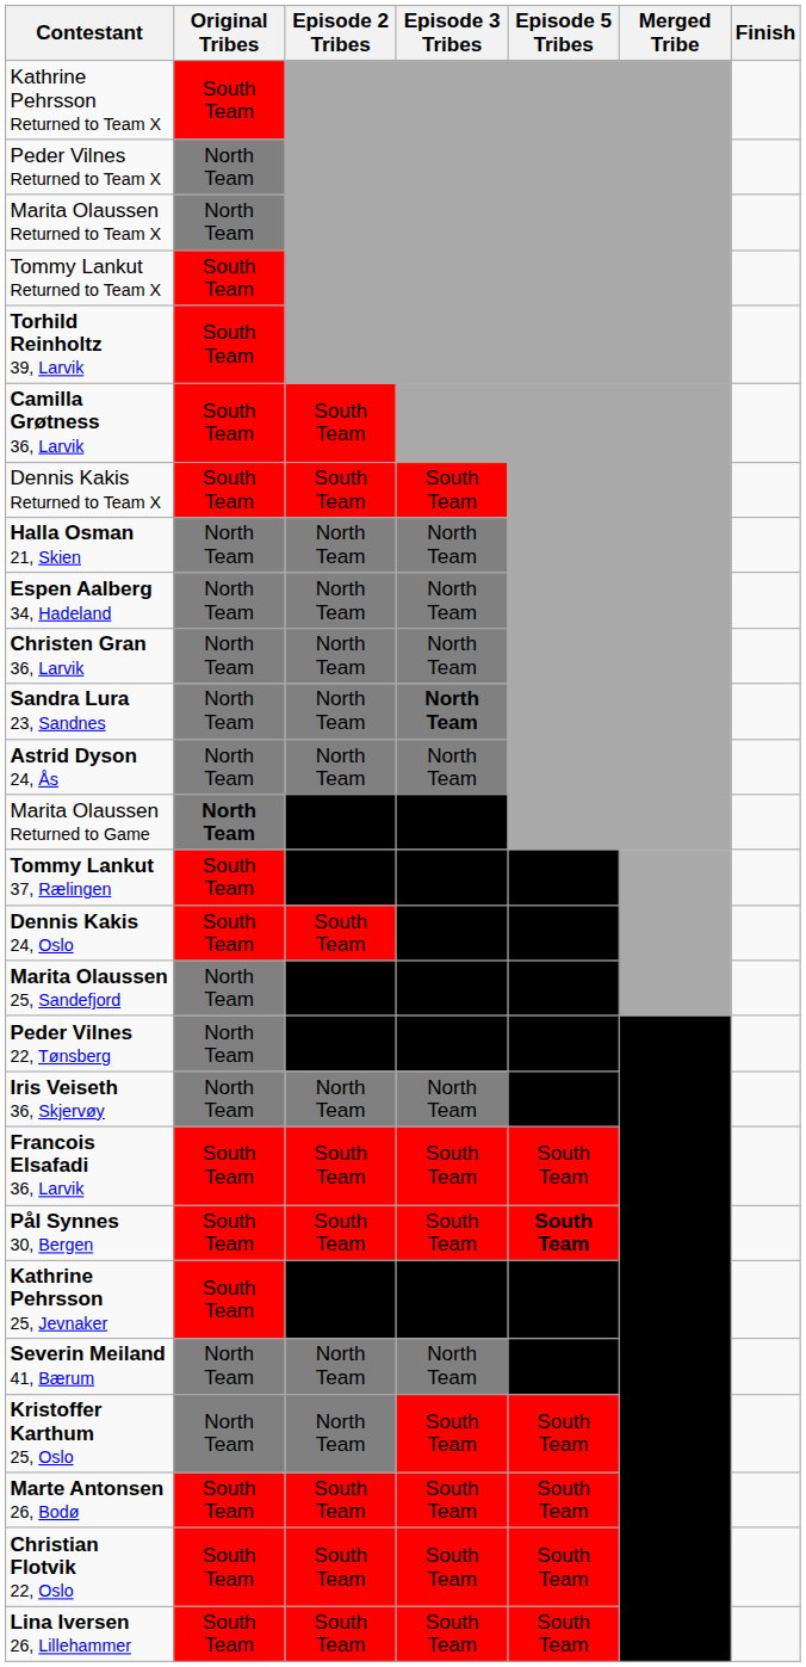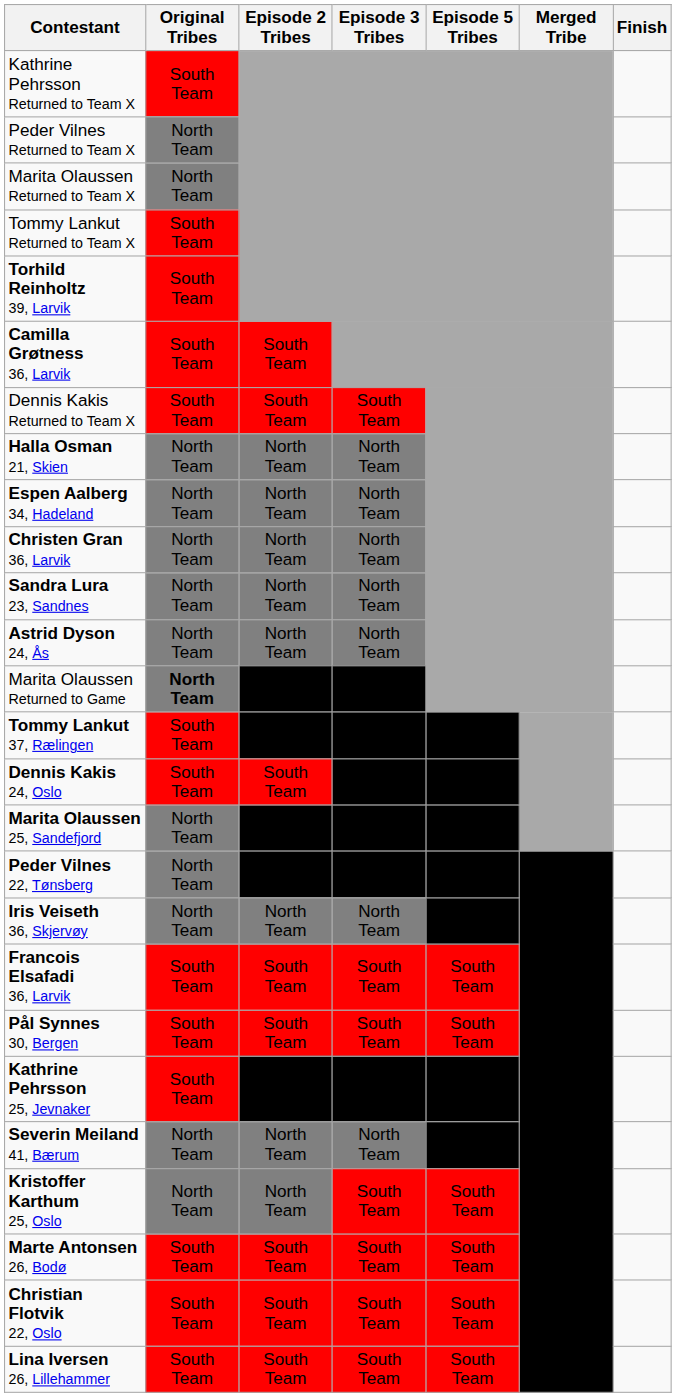 <table class="wikitable sortable" style="margin:auto; text-align:center">
 <tr>
 <th>Contestant</th>
 <th width=80>Original<br>Tribes</th>
 <th width=80>Episode 2<br>Tribes</th>
 <th width=80>Episode 3<br>Tribes</th>
 <th width=80>Episode 5<br>Tribes</th>
 <th width=80>Merged Tribe</th>
 <th>Finish</th>
 </tr>
 <tr>
 <td align="left">Kathrine Pehrsson<br><small>Returned to Team X</small></td>
 <td bgcolor="red" align=center><span> South Team</span></td>
 <td bgcolor="darkgray" rowspan=5 colspan=4></td>
 <td></td>
 </tr>
 <tr>
 <td align="left">Peder Vilnes<br><small>Returned to Team X</small></td>
 <td bgcolor="gray" align=center>North Team</td>
 <td></td>
 </tr>
 <tr>
 <td align="left">Marita Olaussen<br><small>Returned to Team X</small></td>
 <td bgcolor="gray" align=center>North Team</td>
 <td></td>
 </tr>
 <tr>
 <td align="left">Tommy Lankut<br><small>Returned to Team X</small></td>
 <td align="center" bgcolor="red"><span> South Team</span></td>
 <td></td>
 </tr>
 <tr>
 <td align="left"><strong>Torhild Reinholtz</strong><br><small>39, <a href='#'>Larvik</a></small></td>
 <td bgcolor="red" align=center><span> South Team</span></td>
 <td></td>
 </tr>
 <tr>
 <td align="left"><strong>Camilla Grøtness</strong><br><small>36, <a href='#'>Larvik</a></small></td>
 <td bgcolor="red" align=center><span> South Team</span></td>
 <td bgcolor="red" align=center><span> South Team</span></td>
 <td bgcolor="darkgray" rowspan=1 colspan=3></td>
 <td></td>
 </tr>
 <tr>
 <td align="left">Dennis Kakis<br><small>Returned to Team X</small></td>
 <td bgcolor="red" align=center><span> South Team</span></td>
 <td bgcolor="red" align=center><span> South Team</span></td>
 <td bgcolor="red" align=center><span> South Team</span></td>
 <td bgcolor="darkgray" rowspan=7 colspan=2></td>
 <td></td>
 </tr>
 <tr>
 <td align="left"><strong>Halla Osman</strong><br><small>21, <a href='#'>Skien</a></small></td>
 <td bgcolor="gray" align=center>North Team</td>
 <td bgcolor="gray" align=center>North Team</td>
 <td bgcolor="gray" align=center>North Team</td>
 <td></td>
 </tr>
 <tr>
 <td align="left"><strong>Espen Aalberg</strong><br><small>34, <a href='#'>Hadeland</a></small></td>
 <td bgcolor="gray" align=center>North Team</td>
 <td bgcolor="gray" align=center>North Team</td>
 <td bgcolor="gray" align=center>North Team</td>
 <td></td>
 </tr>
 <tr>
 <td align="left"><strong>Christen Gran</strong><br><small>36, <a href='#'>Larvik</a></small></td>
 <td bgcolor="gray" align=center>North Team</td>
 <td bgcolor="gray" align=center>North Team</td>
 <td bgcolor="gray" align=center>North Team</td>
 <td></td>
 </tr>
 <tr>
 <td align="left"><strong>Sandra Lura</strong><br><small>23, <a href='#'>Sandnes</a></small></td>
 <td bgcolor="gray" align=center>North Team</td>
 <td bgcolor="gray" align=center>North Team</td>
-<td bgcolor="gray" align=center><strong>North Team</strong></td>
+<td bgcolor="gray" align=center>North Team</td>
 <td></td>
 </tr>
 <tr>
 <td align="left"><strong>Astrid Dyson</strong><br><small>24, <a href='#'>Ås</a></small></td>
 <td bgcolor="gray" align=center>North Team</td>
 <td bgcolor="gray" align=center>North Team</td>
 <td bgcolor="gray" align=center>North Team</td>
 <td></td>
 </tr>
 <tr>
 <td align="left">Marita Olaussen<br><small>Returned to Game</small></td>
 <td bgcolor="gray" align=center><strong>North Team</strong></td>
 <td align="center" bgcolor="black"><span>Team X</span></td>
 <td align="center" bgcolor="black"><span>Team X</span></td>
 <td></td>
 </tr>
 <tr>
 <td align="left"><strong>Tommy Lankut</strong><br><small>37, <a href='#'>Rælingen</a></small></td>
 <td align="center" bgcolor="red"><span>South Team</span></td>
 <td align="center" bgcolor="black"><span>Team X</span></td>
 <td align="center" bgcolor="black"><span>Team X</span></td>
 <td align="center" bgcolor="black"><span>Team X</span></td>
 <td bgcolor="darkgray" rowspan=3></td>
 <td></td>
 </tr>
 <tr>
 <td align="left"><strong>Dennis Kakis</strong><br><small>24, <a href='#'>Oslo</a></small></td>
 <td bgcolor="red" align=center><span> South Team</span></td>
 <td bgcolor="red" align=center><span> South Team</span></td>
 <td align="center" bgcolor="black"><span>Team X</span></td>
 <td align="center" bgcolor="black"><span>Team X</span></td>
 <td></td>
 </tr>
 <tr>
 <td align="left"><strong>Marita Olaussen</strong><br><small>25, <a href='#'>Sandefjord</a></small></td>
 <td bgcolor="gray" align=center>North Team</td>
 <td align="center" bgcolor="black"><span>Team X</span></td>
 <td align="center" bgcolor="black"><span>Team X</span></td>
 <td align="center" bgcolor="black"><span>Team X</span></td>
 <td></td>
 </tr>
 <tr>
 <td align="left"><strong>Peder Vilnes</strong><br><small>22, <a href='#'>Tønsberg</a></small></td>
 <td bgcolor="gray" align=center>North Team</td>
 <td align="center" bgcolor="black"><span>Team X</span></td>
 <td align="center" bgcolor="black"><span>Team X</span></td>
 <td align="center" bgcolor="black"><span>Team X</span></td>
 <td align=center bgcolor="black" rowspan=10><span>Robinson</span></td>
 <td></td>
 </tr>
 <tr>
 <td align="left"><strong>Iris Veiseth</strong><br><small>36, <a href='#'>Skjervøy</a></small></td>
 <td bgcolor="gray" align=center>North Team</td>
 <td bgcolor="gray" align=center>North Team</td>
 <td bgcolor="gray" align=center>North Team</td>
 <td align="center" bgcolor="black"><span>Team X</span></td>
 <td></td>
 </tr>
 <tr>
 <td align="left"><strong>Francois Elsafadi</strong><br><small>36, <a href='#'>Larvik</a></small></td>
 <td bgcolor="red" align=center><span> South Team</span></td>
 <td bgcolor="red" align=center><span> South Team</span></td>
 <td bgcolor="red" align=center><span> South Team</span></td>
 <td bgcolor="red" align=center><span> South Team</span></td>
 <td></td>
 </tr>
 <tr>
 <td align="left"><strong>Pål Synnes</strong><br><small>30, <a href='#'>Bergen</a></small></td>
 <td bgcolor="red" align=center><span> South Team</span></td>
 <td bgcolor="red" align=center><span> South Team</span></td>
 <td bgcolor="red" align=center><span> South Team</span></td>
-<td bgcolor="red" align=center><strong><span> South Team</span></strong></td>
+<td bgcolor="red" align=center><span> South Team</span></td>
 <td></td>
 </tr>
 <tr>
 <td align="left"><strong>Kathrine Pehrsson</strong><br><small>25, <a href='#'>Jevnaker</a></small></td>
 <td bgcolor="red" align=center><span> South Team</span></td>
 <td align="center" bgcolor="black"><span>Team X</span></td>
 <td align="center" bgcolor="black"><span>Team X</span></td>
 <td align="center" bgcolor="black"><span>Team X</span></td>
 <td></td>
 </tr>
 <tr>
 <td align="left"><strong>Severin Meiland</strong><br><small>41, <a href='#'>Bærum</a></small></td>
 <td bgcolor="gray" align=center>North Team</td>
 <td bgcolor="gray" align=center>North Team</td>
 <td bgcolor="gray" align=center>North Team</td>
 <td align="center" bgcolor="black"><span>Team</span> X</td>
 <td></td>
 </tr>
 <tr>
 <td align="left"><strong>Kristoffer Karthum</strong><br><small>25, <a href='#'>Oslo</a></small></td>
 <td bgcolor="gray" align=center>North Team</td>
 <td bgcolor="gray" align=center>North Team</td>
 <td bgcolor="red" align=center><span> South Team</span></td>
 <td bgcolor="red" align=center><span> South Team</span></td>
 <td></td>
 </tr>
 <tr>
 <td align="left"><strong>Marte Antonsen</strong><br><small>26, <a href='#'>Bodø</a></small></td>
 <td bgcolor="red" align=center><span> South Team</span></td>
 <td bgcolor="red" align=center><span> South Team</span></td>
 <td bgcolor="red" align=center><span> South Team</span></td>
 <td bgcolor="red" align=center><span> South Team</span></td>
 <td></td>
 </tr>
 <tr>
 <td align="left"><strong>Christian Flotvik</strong><br><small>22, <a href='#'>Oslo</a></small></td>
 <td bgcolor="red" align=center><span> South Team</span></td>
 <td bgcolor="red" align=center><span> South Team</span></td>
 <td bgcolor="red" align=center><span> South Team</span></td>
 <td bgcolor="red" align=center><span> South Team</span></td>
 <td></td>
 </tr>
 <tr>
 <td align="left"><strong>Lina Iversen</strong><br><small>26, <a href='#'>Lillehammer</a></small></td>
 <td bgcolor="red" align=center><span> South Team</span></td>
 <td bgcolor="red" align=center><span> South Team</span></td>
 <td bgcolor="red" align=center><span> South Team</span></td>
 <td bgcolor="red" align=center><span> South Team</span></td>
 <td></td>
 </tr>
 </table>
